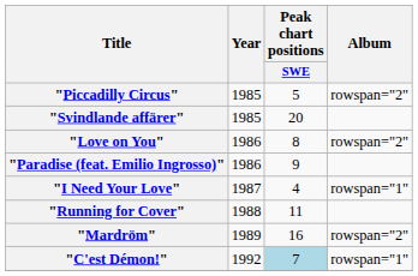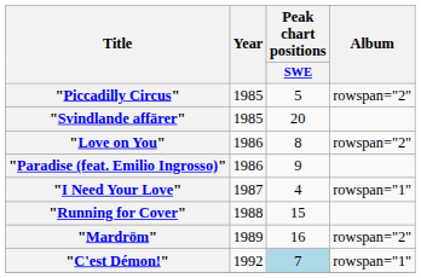 <table class="wikitable plainrowheaders" style="text-align:center;">
 <tr>
 <th scope="col" rowspan="2">Title</th>
 <th scope="col" rowspan="2">Year</th>
 <th scope="col" colspan="1">Peak chart positions</th>
 <th scope="col" rowspan="2">Album</th>
 </tr>
 <tr>
 <th scope="col" style="width:3em;font-size:85%;"><a href='#'>SWE</a></th>
 </tr>
 <tr>
 <th scope="row">"<a href='#'>Piccadilly Circus</a>"</th>
 <td>1985</td>
 <td>5</td>
 <td>rowspan="2" </td>
 </tr>
 <tr>
 <th scope="row">"<a href='#'>Svindlande affärer</a>"</th>
 <td>1985</td>
 <td>20</td>
 </tr>
 <tr>
 <th scope="row">"<a href='#'>Love on You</a>"</th>
 <td>1986</td>
 <td>8</td>
 <td>rowspan="2" </td>
 </tr>
 <tr>
 <th scope="row">"<a href='#'>Paradise (feat. Emilio Ingrosso)</a>"</th>
 <td>1986</td>
 <td>9</td>
 </tr>
 <tr>
 <th scope="row">"<a href='#'>I Need Your Love</a>"</th>
 <td>1987</td>
 <td>4</td>
 <td>rowspan="1" </td>
 </tr>
 <tr>
 <th scope="row">"<a href='#'>Running for Cover</a>"</th>
 <td>1988</td>
-<td>11</td>
+<td>15</td>
 </tr>
 <tr>
 <th scope="row">"<a href='#'>Mardröm</a>"</th>
 <td>1989</td>
 <td>16</td>
 <td>rowspan="2" </td>
 </tr>
 <tr>
 <th scope="row">"<a href='#'>C'est Démon!</a>"</th>
 <td>1992</td>
 <td style="background: lightblue;">7</td>
 <td>rowspan="1" </td>
 </tr>
 <tr>
 </tr>
 </table>
